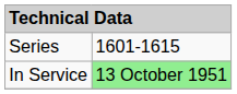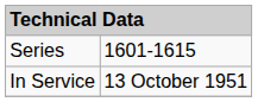 <table class="wikitable">
 <tr>
 <td colspan="3" align="left" bgcolor="#CFCFCF"><strong>Technical Data</strong></td>
 </tr>
 <tr ---->
 <td>Series</td>
 <td>1601-1615</td>
 </tr>
 <tr ---->
 <td>In Service</td>
-<td style="background: lightgreen;">13 October 1951</td>
+<td>13 October 1951</td>
 </tr>
 <tr -->
 </tr>
 </table>
